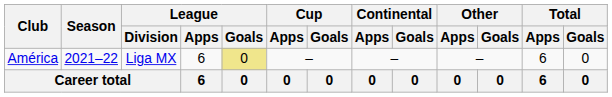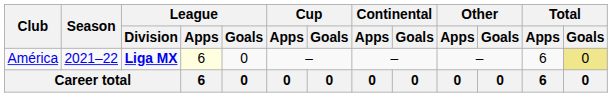 <table class="wikitable" style="text-align: center">
 <tr>
 <th rowspan="2">Club</th>
 <th rowspan="2">Season</th>
 <th colspan="3">League</th>
 <th colspan="2">Cup</th>
 <th colspan="2">Continental</th>
 <th colspan="2">Other</th>
 <th colspan="2">Total</th>
 </tr>
 <tr>
 <th>Division</th>
 <th>Apps</th>
 <th>Goals</th>
 <th>Apps</th>
 <th>Goals</th>
 <th>Apps</th>
 <th>Goals</th>
 <th>Apps</th>
 <th>Goals</th>
 <th>Apps</th>
 <th>Goals</th>
 </tr>
 <tr>
 <td rowspan="1"><a href='#'>América</a></td>
 <td><a href='#'>2021–22</a></td>
-<td rowspan="1"><a href='#'>Liga MX</a></td>
-<td>6</td>
-<td style="background: khaki;">0</td>
+<td rowspan="1"><strong><a href='#'>Liga MX</a></strong></td>
+<td style="background: lightyellow;">6</td>
+<td>0</td>
 <td colspan="2">–</td>
 <td colspan="2">–</td>
 <td colspan="2">–</td>
 <td>6</td>
-<td>0</td>
+<td style="background: khaki;">0</td>
 </tr>
 <tr>
 <th colspan="3"><strong>Career total</strong></th>
 <th>6</th>
 <th>0</th>
 <th>0</th>
 <th>0</th>
 <th>0</th>
 <th>0</th>
 <th>0</th>
 <th>0</th>
 <th>6</th>
 <th>0</th>
 </tr>
 </table>
